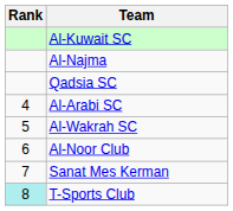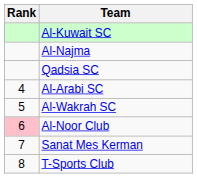 <table class=wikitable style="text-align:center;">
 <tr>
 <th>Rank</th>
 <th width=200>Team</th>
 </tr>
 <tr bgcolor=ccffcc>
 <td></td>
 <td align=left> <a href='#'>Al-Kuwait SC</a></td>
 </tr>
 <tr>
 <td></td>
 <td align=left> <a href='#'>Al-Najma</a></td>
 </tr>
 <tr>
 <td></td>
 <td align=left> <a href='#'>Qadsia SC</a></td>
 </tr>
 <tr>
 <td>4</td>
 <td align=left> <a href='#'>Al-Arabi SC</a></td>
 </tr>
 <tr>
 <td>5</td>
 <td align=left> <a href='#'>Al-Wakrah SC</a></td>
 </tr>
 <tr>
-<td>6</td>
+<td style="background: pink;">6</td>
 <td align=left> <a href='#'>Al-Noor Club</a></td>
 </tr>
 <tr>
 <td>7</td>
 <td align=left> <a href='#'>Sanat Mes Kerman</a></td>
 </tr>
 <tr>
-<td style="background: paleturquoise;">8</td>
+<td>8</td>
 <td align=left> <a href='#'>T-Sports Club</a></td>
 </tr>
 </table>
